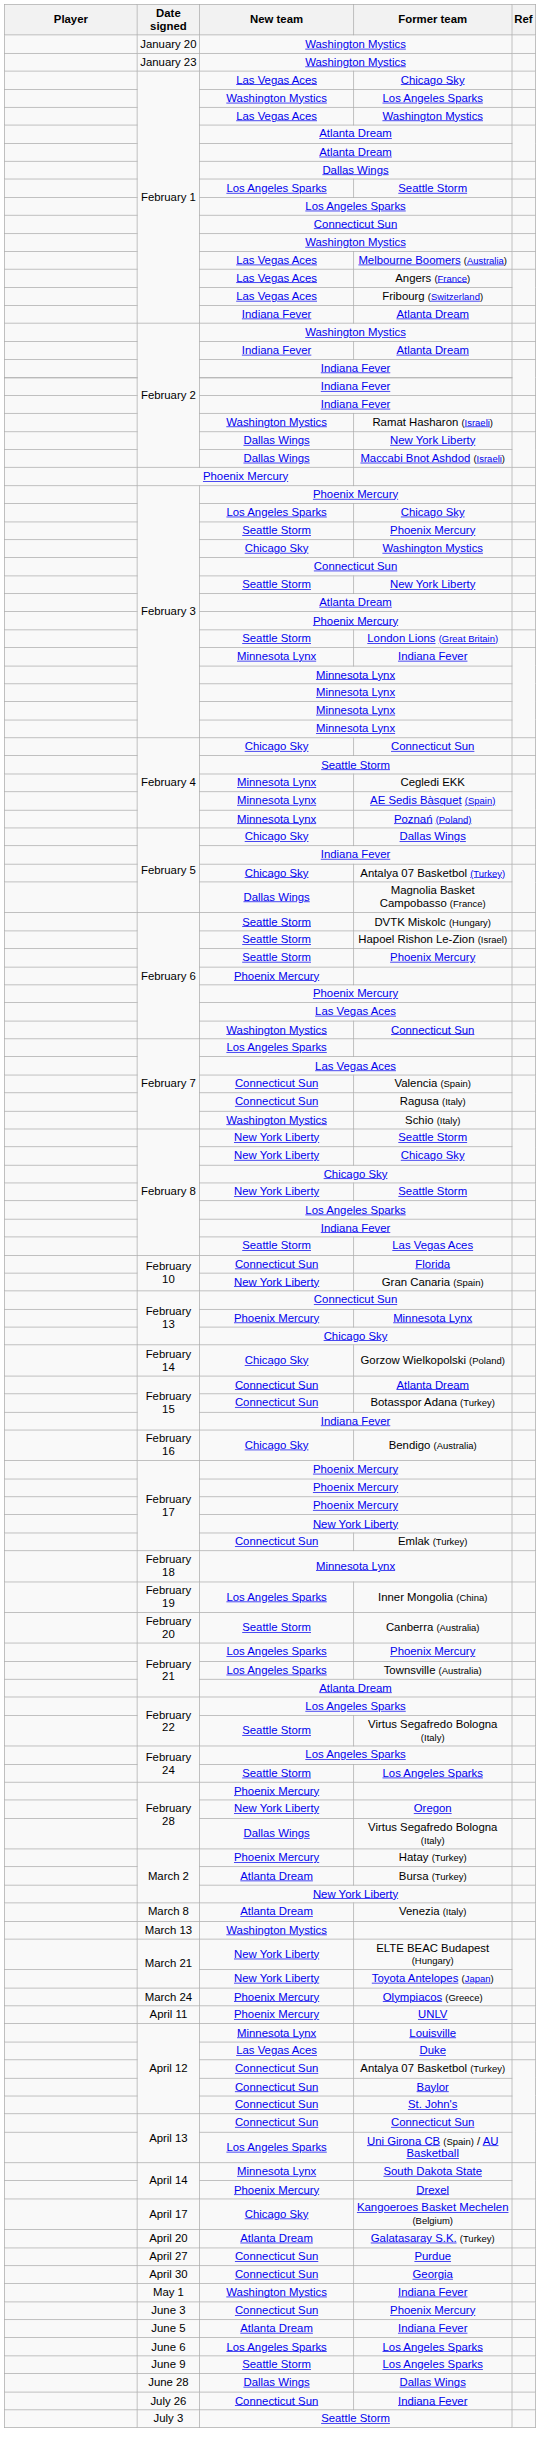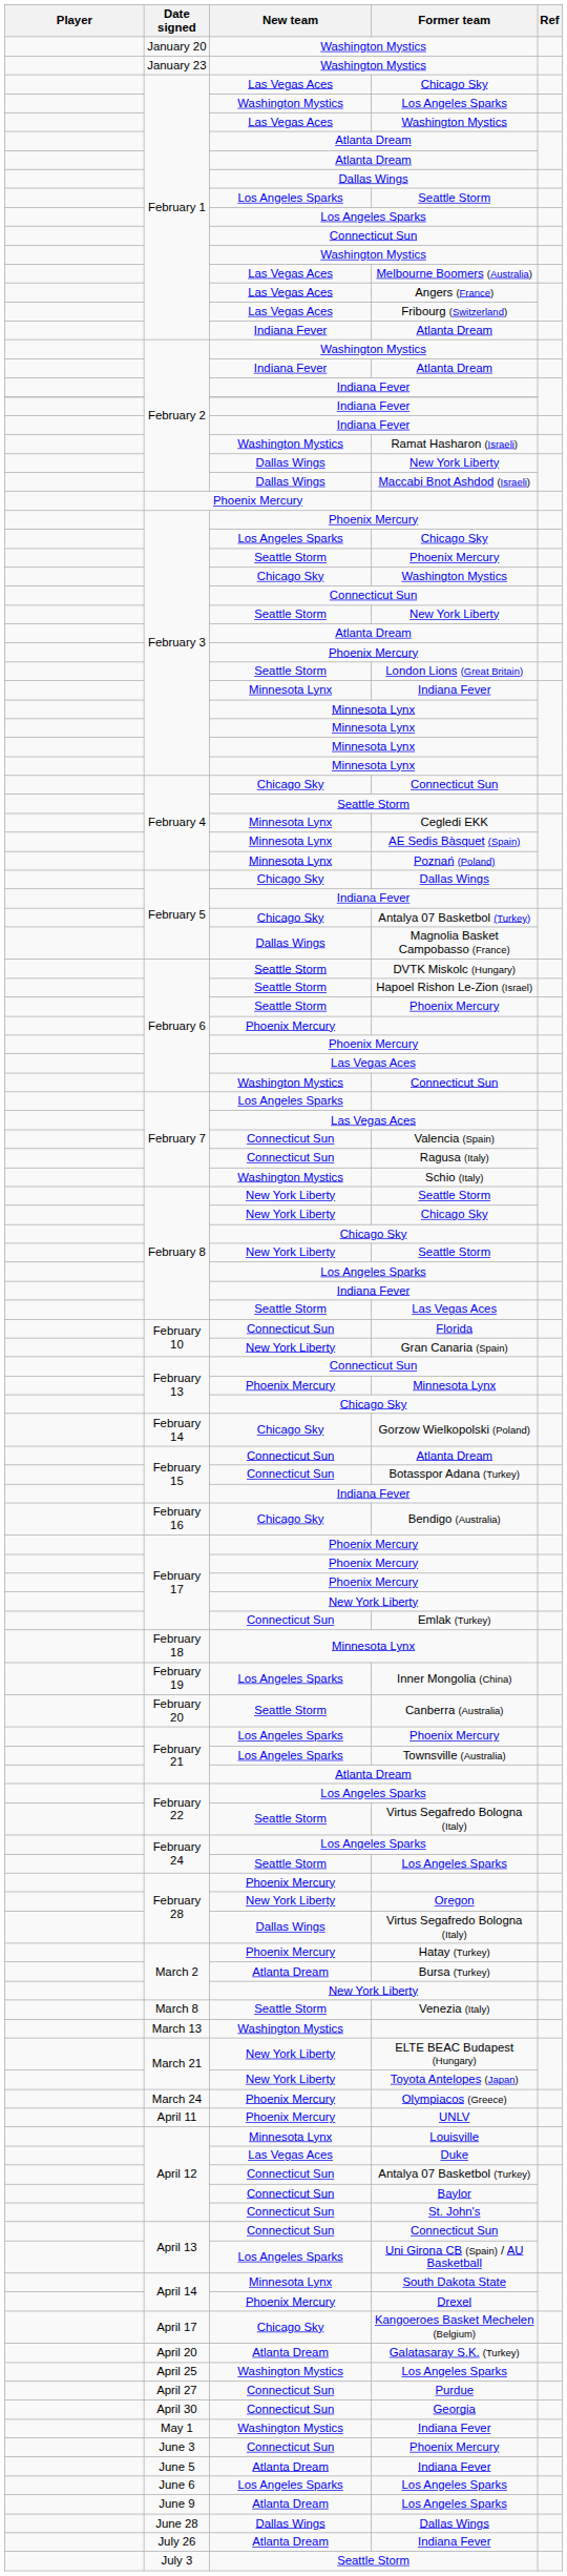 <table class="wikitable sortable" style="text-align:center">
 <tr>
 <th style="width:180px">Player</th>
 <th style="width:80px">Date signed</th>
 <th style="width:210px">New team</th>
 <th style="width:215px">Former team</th>
 <th class="unsortable">Ref</th>
 </tr>
 <tr>
 <td align="left"> </td>
 <td align="center">January 20</td>
 <td colspan="2" align="center"><a href='#'>Washington Mystics</a></td>
 <td align="center"></td>
 </tr>
 <tr>
 <td align="left"> </td>
 <td align="center">January 23</td>
 <td colspan="2" align="center"><a href='#'>Washington Mystics</a></td>
 <td align="center"></td>
 </tr>
 <tr>
 <td align="left"> </td>
 <td rowspan="14" align="center">February 1</td>
 <td align="center"><a href='#'>Las Vegas Aces</a></td>
 <td align="center"><a href='#'>Chicago Sky</a></td>
 <td align="center"></td>
 </tr>
 <tr>
 <td align="left"> </td>
 <td align="center"><a href='#'>Washington Mystics</a></td>
 <td align="center"><a href='#'>Los Angeles Sparks</a></td>
 <td align="center"></td>
 </tr>
 <tr>
 <td align="left"> </td>
 <td align="center"><a href='#'>Las Vegas Aces</a></td>
 <td align="center"><a href='#'>Washington Mystics</a></td>
 <td align="center"></td>
 </tr>
 <tr>
 <td align="left"> </td>
 <td colspan="2" align="center"><a href='#'>Atlanta Dream</a></td>
 <td rowspan=2 align="center"></td>
 </tr>
 <tr>
 <td align="left"> </td>
 <td colspan="2" align="center"><a href='#'>Atlanta Dream</a></td>
 </tr>
 <tr>
 <td align="left"> </td>
 <td colspan="2" align="center"><a href='#'>Dallas Wings</a></td>
 <td align="center"></td>
 </tr>
 <tr>
 <td align="left"> </td>
 <td align="center"><a href='#'>Los Angeles Sparks</a></td>
 <td align="center"><a href='#'>Seattle Storm</a></td>
 <td align="center"></td>
 </tr>
 <tr>
 <td align="left"> </td>
 <td colspan="2" align="center"><a href='#'>Los Angeles Sparks</a></td>
 <td align="center"></td>
 </tr>
 <tr>
 <td align="left"> </td>
 <td colspan="2" align="center"><a href='#'>Connecticut Sun</a></td>
 <td align="center"></td>
 </tr>
 <tr>
 <td align="left"> </td>
 <td colspan="2" align="center"><a href='#'>Washington Mystics</a></td>
 <td align="center"></td>
 </tr>
 <tr>
 <td align="left"> </td>
 <td align="center"><a href='#'>Las Vegas Aces</a></td>
 <td align="center"><a href='#'>Melbourne Boomers</a> <small>(<a href='#'>Australia</a>)</small></td>
 <td align="center"></td>
 </tr>
 <tr>
 <td align="left"> </td>
 <td align="center"><a href='#'>Las Vegas Aces</a></td>
 <td align="center">Angers <small>(<a href='#'>France</a>)</small></td>
 <td rowspan="2"align="center"></td>
 </tr>
 <tr>
 <td align="left"> </td>
 <td align="center"><a href='#'>Las Vegas Aces</a></td>
 <td align="center">Fribourg <small>(<a href='#'>Switzerland</a>)</small></td>
 </tr>
 <tr>
 <td align="left"> </td>
 <td align="center"><a href='#'>Indiana Fever</a></td>
 <td align="center"><a href='#'>Atlanta Dream</a></td>
 <td align="center"></td>
 </tr>
 <tr>
 <td align="left"> </td>
 <td rowspan="9" align="center">February 2</td>
 <td colspan="2" align="center"><a href='#'>Washington Mystics</a></td>
 <td align="center"></td>
 </tr>
 <tr>
 <td align="left"> </td>
 <td align="center"><a href='#'>Indiana Fever</a></td>
 <td align="center"><a href='#'>Atlanta Dream</a></td>
 <td align="center"></td>
 </tr>
 <tr>
 <td align="left"> </td>
 <td colspan="2" align="center"><a href='#'>Indiana Fever</a></td>
 <td rowspan=3 align="center"></td>
 </tr>
 <tr>
 </tr>
 <tr>
 <td align="left"> </td>
 <td colspan="2" align="center"><a href='#'>Indiana Fever</a></td>
 </tr>
 <tr>
 <td align="left"> </td>
 <td colspan="2" align="center"><a href='#'>Indiana Fever</a></td>
 </tr>
 <tr>
 <td align="left"> </td>
 <td align="center"><a href='#'>Washington Mystics</a></td>
 <td align="center">Ramat Hasharon <small>(<a href='#'>Israeli</a>)</small></td>
 <td align="center"></td>
 </tr>
 <tr>
 <td align="left"> </td>
 <td align="center"><a href='#'>Dallas Wings</a></td>
 <td align="center"><a href='#'>New York Liberty</a></td>
 <td rowspan=2 align="center"></td>
 </tr>
 <tr>
 <td align="left"> </td>
 <td align="center"><a href='#'>Dallas Wings</a></td>
 <td align="center"><a href='#'>Maccabi Bnot Ashdod</a> <small>(<a href='#'>Israeli</a>)</small></td>
 </tr>
 <tr>
 <td align="left"> </td>
 <td colspan="2" align="center"><a href='#'>Phoenix Mercury</a></td>
 <td align="center"></td>
 </tr>
 <tr>
 <td align="left"> </td>
 <td rowspan="14" align="center">February 3</td>
 <td colspan="2" align="center"><a href='#'>Phoenix Mercury</a></td>
 <td align="center"></td>
 </tr>
 <tr>
 <td align="left"> </td>
 <td align="center"><a href='#'>Los Angeles Sparks</a></td>
 <td align="center"><a href='#'>Chicago Sky</a></td>
 <td align="center"></td>
 </tr>
 <tr>
 <td align="left"> </td>
 <td align="center"><a href='#'>Seattle Storm</a></td>
 <td align="center"><a href='#'>Phoenix Mercury</a></td>
 <td align="center"></td>
 </tr>
 <tr>
 <td align="left"> </td>
 <td align="center"><a href='#'>Chicago Sky</a></td>
 <td align="center"><a href='#'>Washington Mystics</a></td>
 <td align="center"></td>
 </tr>
 <tr>
 <td align="left"> </td>
 <td colspan="2" align="center"><a href='#'>Connecticut Sun</a></td>
 <td align="center"></td>
 </tr>
 <tr>
 <td align="left"> </td>
 <td align="center"><a href='#'>Seattle Storm</a></td>
 <td align="center"><a href='#'>New York Liberty</a></td>
 <td align="center"></td>
 </tr>
 <tr>
 <td align="left"> </td>
 <td colspan="2" align="center"><a href='#'>Atlanta Dream</a></td>
 <td align="center"></td>
 </tr>
 <tr>
 <td align="left"> </td>
 <td colspan="2" align="center"><a href='#'>Phoenix Mercury</a></td>
 <td align="center"></td>
 </tr>
 <tr>
 <td align="left"> </td>
 <td align="center"><a href='#'>Seattle Storm</a></td>
 <td align="center"><a href='#'>London Lions</a> <small><a href='#'>(Great Britain)</a></small></td>
 <td align="center"></td>
 </tr>
 <tr>
 <td align="left"> </td>
 <td align="center"><a href='#'>Minnesota Lynx</a></td>
 <td align="center"><a href='#'>Indiana Fever</a></td>
 <td rowspan=5 align="center"></td>
 </tr>
 <tr>
 <td align="left"> </td>
 <td colspan="2" align="center"><a href='#'>Minnesota Lynx</a></td>
 </tr>
 <tr>
 <td align="left"> </td>
 <td colspan="2" align="center"><a href='#'>Minnesota Lynx</a></td>
 </tr>
 <tr>
 <td align="left"> </td>
 <td colspan="2" align="center"><a href='#'>Minnesota Lynx</a></td>
 </tr>
 <tr>
 <td align="left"> </td>
 <td colspan="2" align="center"><a href='#'>Minnesota Lynx</a></td>
 </tr>
 <tr>
 <td align="left"> </td>
 <td rowspan="5" align="center">February 4</td>
 <td align="center"><a href='#'>Chicago Sky</a></td>
 <td align="center"><a href='#'>Connecticut Sun</a></td>
 <td align="center"></td>
 </tr>
 <tr>
 <td align="left"> </td>
 <td colspan="2" align="center"><a href='#'>Seattle Storm</a></td>
 <td align="center"></td>
 </tr>
 <tr>
 <td align="left"> </td>
 <td align="center"><a href='#'>Minnesota Lynx</a></td>
 <td align="center">Cegledi EKK</td>
 <td rowspan=3 align="center"></td>
 </tr>
 <tr>
 <td align="left"> </td>
 <td align="center"><a href='#'>Minnesota Lynx</a></td>
 <td align="center"><a href='#'>AE Sedis Bàsquet</a> <small><a href='#'>(Spain)</a></small></td>
 </tr>
 <tr>
 <td align="left"> </td>
 <td align="center"><a href='#'>Minnesota Lynx</a></td>
 <td align="center"><a href='#'>Poznań</a> <small><a href='#'>(Poland)</a></small></td>
 </tr>
 <tr>
 <td align="left"> </td>
 <td rowspan=4 align="center">February 5</td>
 <td align="center"><a href='#'>Chicago Sky</a></td>
 <td align="center"><a href='#'>Dallas Wings</a></td>
 <td align="center"></td>
 </tr>
 <tr>
 <td align="left"> </td>
 <td colspan="2" align="center"><a href='#'>Indiana Fever</a></td>
 <td align="center"></td>
 </tr>
 <tr>
 <td align="left"> </td>
 <td align="center"><a href='#'>Chicago Sky</a></td>
 <td align="center">Antalya 07 Basketbol <small><a href='#'>(Turkey)</a></small></td>
 <td rowspan=2 align="center"></td>
 </tr>
 <tr>
 <td align="left"> </td>
 <td align="center"><a href='#'>Dallas Wings</a></td>
 <td align="center">Magnolia Basket Campobasso <small>(France)</small></td>
 </tr>
 <tr>
 <td align="left"> </td>
 <td rowspan=7 align="center">February 6</td>
 <td align="center"><a href='#'>Seattle Storm</a></td>
 <td align="center">DVTK Miskolc <small>(Hungary)</small></td>
 <td align="center"></td>
 </tr>
 <tr>
 <td align="left"> </td>
 <td align="center"><a href='#'>Seattle Storm</a></td>
 <td align="center">Hapoel Rishon Le-Zion <small>(Israel)</small></td>
 <td align="center"></td>
 </tr>
 <tr>
 <td align="left"> </td>
 <td align="center"><a href='#'>Seattle Storm</a></td>
 <td align="center"><a href='#'>Phoenix Mercury</a></td>
 <td align="center"></td>
 </tr>
 <tr>
 <td align="left"> </td>
 <td align="center"><a href='#'>Phoenix Mercury</a></td>
 <td align="center"></td>
 <td align="center"></td>
 </tr>
 <tr>
 <td align="left"> </td>
 <td colspan="2" align="center"><a href='#'>Phoenix Mercury</a></td>
 <td align="center"></td>
 </tr>
 <tr>
 <td align="left"> </td>
 <td colspan="2" align="center"><a href='#'>Las Vegas Aces</a></td>
 <td align="center"></td>
 </tr>
 <tr>
 <td align="left"> </td>
 <td align="center"><a href='#'>Washington Mystics</a></td>
 <td align="center"><a href='#'>Connecticut Sun</a></td>
 <td align="center"></td>
 </tr>
 <tr>
 <td align="left"> </td>
 <td rowspan=5 align="center">February 7</td>
 <td align="center"><a href='#'>Los Angeles Sparks</a></td>
 <td align="center"></td>
 <td align="center"></td>
 </tr>
 <tr>
 <td align="left"> </td>
 <td colspan="2" align="center"><a href='#'>Las Vegas Aces</a></td>
 <td align="center"></td>
 </tr>
 <tr>
 <td align="left"> </td>
 <td align="center"><a href='#'>Connecticut Sun</a></td>
 <td align="center">Valencia <small>(Spain)</small></td>
 <td rowspan=2 align="center"></td>
 </tr>
 <tr>
 <td align="left"> </td>
 <td align="center"><a href='#'>Connecticut Sun</a></td>
 <td align="center">Ragusa <small>(Italy)</small></td>
 </tr>
 <tr>
 <td align="left"> </td>
 <td align="center"><a href='#'>Washington Mystics</a></td>
 <td align="center">Schio <small>(Italy)</small></td>
 <td align="center"></td>
 </tr>
 <tr>
 <td align="left"> </td>
 <td rowspan=7 align="center">February 8</td>
 <td align="center"><a href='#'>New York Liberty</a></td>
 <td align="center"><a href='#'>Seattle Storm</a></td>
 <td rowspan=2 align="center"></td>
 </tr>
 <tr>
 <td align="left"> </td>
 <td align="center"><a href='#'>New York Liberty</a></td>
 <td align="center"><a href='#'>Chicago Sky</a></td>
 </tr>
 <tr>
 <td align="left"> </td>
 <td colspan="2" align="center"><a href='#'>Chicago Sky</a></td>
 <td align="center"></td>
 </tr>
 <tr>
 <td align="left"> </td>
 <td align="center"><a href='#'>New York Liberty</a></td>
 <td align="center"><a href='#'>Seattle Storm</a></td>
 <td align="center"></td>
 </tr>
 <tr>
 <td align="left"> </td>
 <td colspan="2" align="center"><a href='#'>Los Angeles Sparks</a></td>
 <td align="center"></td>
 </tr>
 <tr>
 <td align="left"> </td>
 <td colspan="2" align="center"><a href='#'>Indiana Fever</a></td>
 <td align="center"></td>
 </tr>
 <tr>
 <td align="left"> </td>
 <td align="center"><a href='#'>Seattle Storm</a></td>
 <td align="center"><a href='#'>Las Vegas Aces</a></td>
 <td align="center"></td>
 </tr>
 <tr>
 <td align="left"> </td>
 <td rowspan="2" align="center">February 10</td>
 <td align="center"><a href='#'>Connecticut Sun</a></td>
 <td align="center"><a href='#'>Florida</a></td>
 <td align="center"></td>
 </tr>
 <tr>
 <td align="left"> </td>
 <td align="center"><a href='#'>New York Liberty</a></td>
 <td align="center">Gran Canaria <small>(Spain)</small></td>
 <td align="center"></td>
 </tr>
 <tr>
 <td align="left"> </td>
 <td rowspan="3" align="center">February 13</td>
 <td colspan="2" align="center"><a href='#'>Connecticut Sun</a></td>
 <td align="center"></td>
 </tr>
 <tr>
 <td align="left"> </td>
 <td align="center"><a href='#'>Phoenix Mercury</a></td>
 <td align="center"><a href='#'>Minnesota Lynx</a></td>
 <td align="center"></td>
 </tr>
 <tr>
 <td align="left"> </td>
 <td colspan="2" align="center"><a href='#'>Chicago Sky</a></td>
 <td align="center"></td>
 </tr>
 <tr>
 <td align="left"> </td>
 <td align="center">February 14</td>
 <td align="center"><a href='#'>Chicago Sky</a></td>
 <td align="center">Gorzow Wielkopolski <small>(Poland)</small></td>
 <td align="center"></td>
 </tr>
 <tr>
 <td align="left"> </td>
 <td rowspan="3" align="center">February 15</td>
 <td align="center"><a href='#'>Connecticut Sun</a></td>
 <td align="center"><a href='#'>Atlanta Dream</a></td>
 <td align="center"></td>
 </tr>
 <tr>
 <td align="left"> </td>
 <td align="center"><a href='#'>Connecticut Sun</a></td>
 <td align="center">Botasspor Adana <small>(Turkey)</small></td>
 <td align="center"></td>
 </tr>
 <tr>
 <td align="left"> </td>
 <td colspan="2" align="center"><a href='#'>Indiana Fever</a></td>
 <td align="center"></td>
 </tr>
 <tr>
 <td align="left"> </td>
 <td align="center">February 16</td>
 <td align="center"><a href='#'>Chicago Sky</a></td>
 <td align="center">Bendigo <small>(Australia)</small></td>
 <td align="center"></td>
 </tr>
 <tr>
 <td align="left"> </td>
 <td rowspan="5" align="center">February 17</td>
 <td colspan="2" align="center"><a href='#'>Phoenix Mercury</a></td>
 <td align="center"></td>
 </tr>
 <tr>
 <td align="left"> </td>
 <td colspan="2" align="center"><a href='#'>Phoenix Mercury</a></td>
 <td align="center"></td>
 </tr>
 <tr>
 <td align="left"> </td>
 <td colspan="2" align="center"><a href='#'>Phoenix Mercury</a></td>
 <td align="center"></td>
 </tr>
 <tr>
 <td align="left"> </td>
 <td colspan="2" align="center"><a href='#'>New York Liberty</a></td>
 <td align="center"></td>
 </tr>
 <tr>
 <td align="left"> </td>
 <td align="center"><a href='#'>Connecticut Sun</a></td>
 <td align="center">Emlak <small>(Turkey)</small></td>
 <td align="center"></td>
 </tr>
 <tr>
 <td align="left"> </td>
 <td align="center">February 18</td>
 <td colspan="2" align="center"><a href='#'>Minnesota Lynx</a></td>
 <td align="center"></td>
 </tr>
 <tr>
 <td align="left"> </td>
 <td align="center">February 19</td>
 <td align="center"><a href='#'>Los Angeles Sparks</a></td>
 <td align="center">Inner Mongolia <small>(China)</small></td>
 <td align="center"></td>
 </tr>
 <tr>
 <td align="left"> </td>
 <td align="center">February 20</td>
 <td align="center"><a href='#'>Seattle Storm</a></td>
 <td align="center">Canberra <small>(Australia)</small></td>
 <td align="center"></td>
 </tr>
 <tr>
 <td align="left"> </td>
 <td rowspan="3" align="center">February 21</td>
 <td align="center"><a href='#'>Los Angeles Sparks</a></td>
 <td align="center"><a href='#'>Phoenix Mercury</a></td>
 <td align="center"></td>
 </tr>
 <tr>
 <td align="left"> </td>
 <td align="center"><a href='#'>Los Angeles Sparks</a></td>
 <td align="center">Townsville <small>(Australia)</small></td>
 <td align="center"></td>
 </tr>
 <tr>
 <td align="left"> </td>
 <td colspan="2" align="center"><a href='#'>Atlanta Dream</a></td>
 <td align="center"></td>
 </tr>
 <tr>
 <td align="left"> </td>
 <td rowspan="2" align="center">February 22</td>
 <td colspan="2" align="center"><a href='#'>Los Angeles Sparks</a></td>
 <td align="center"></td>
 </tr>
 <tr>
 <td align="left"> </td>
 <td align="center"><a href='#'>Seattle Storm</a></td>
 <td align="center">Virtus Segafredo Bologna  <small>(Italy)</small></td>
 <td align="center"></td>
 </tr>
 <tr>
 <td align="left"> </td>
 <td rowspan="2" align="center">February 24</td>
 <td colspan="2" align="center"><a href='#'>Los Angeles Sparks</a></td>
 <td align="center"></td>
 </tr>
 <tr>
 <td align="left"> </td>
 <td align="center"><a href='#'>Seattle Storm</a></td>
 <td align="center"><a href='#'>Los Angeles Sparks</a></td>
 <td align="center"></td>
 </tr>
 <tr>
 <td align="left"> </td>
 <td rowspan="3" align="center">February 28</td>
 <td align="center"><a href='#'>Phoenix Mercury</a></td>
 <td align="center"></td>
 <td align="center"></td>
 </tr>
 <tr>
 <td align="left"> </td>
 <td align="center"><a href='#'>New York Liberty</a></td>
 <td align="center"><a href='#'>Oregon</a></td>
 <td align="center"></td>
 </tr>
 <tr>
 <td align="left"> </td>
 <td align="center"><a href='#'>Dallas Wings</a></td>
 <td align="center">Virtus Segafredo Bologna  <small>(Italy)</small></td>
 <td align="center"></td>
 </tr>
 <tr>
 <td align="left"> </td>
 <td rowspan="3" align="center">March 2</td>
 <td align="center"><a href='#'>Phoenix Mercury</a></td>
 <td align="center">Hatay  <small>(Turkey)</small></td>
 <td align="center"></td>
 </tr>
 <tr>
 <td align="left"> </td>
 <td align="center"><a href='#'>Atlanta Dream</a></td>
 <td align="center">Bursa  <small>(Turkey)</small></td>
 <td align="center"></td>
 </tr>
 <tr>
 <td align="left"> </td>
 <td colspan="2" align="center"><a href='#'>New York Liberty</a></td>
 <td align="center"></td>
 </tr>
 <tr>
 <td align="left"> </td>
 <td align="center">March 8</td>
-<td align="center"><a href='#'>Atlanta Dream</a></td>
+<td align="center"><a href='#'>Seattle Storm</a></td>
 <td align="center">Venezia <small>(Italy)</small></td>
 <td align="center"></td>
 </tr>
 <tr>
 <td align="left"> </td>
 <td align="center">March 13</td>
 <td align="center"><a href='#'>Washington Mystics</a></td>
 <td align="center"></td>
 <td align="center"></td>
 </tr>
 <tr>
 <td align="left"> </td>
 <td rowspan="2" align="center">March 21</td>
 <td align="center"><a href='#'>New York Liberty</a></td>
 <td align="center">ELTE BEAC Budapest <small>(Hungary)</small></td>
 <td rowspan="2" align="center"></td>
 </tr>
 <tr>
 <td align="left"> </td>
 <td align="center"><a href='#'>New York Liberty</a></td>
 <td align="center"><a href='#'>Toyota Antelopes</a> <small>(<a href='#'>Japan</a>)</small></td>
 </tr>
 <tr>
 <td align="left"> </td>
 <td align="center">March 24</td>
 <td align="center"><a href='#'>Phoenix Mercury</a></td>
 <td align="center"><a href='#'>Olympiacos</a> <small>(Greece)</small></td>
 <td align="center"></td>
 </tr>
 <tr>
 <td align="left"> </td>
 <td align="center">April 11</td>
 <td align="center"><a href='#'>Phoenix Mercury</a></td>
 <td align="center"><a href='#'>UNLV</a></td>
 <td align="center"></td>
 </tr>
 <tr>
 <td align="left"> </td>
 <td rowspan="5" align="center">April 12</td>
 <td align="center"><a href='#'>Minnesota Lynx</a></td>
 <td align="center"><a href='#'>Louisville</a></td>
 <td align="center"></td>
 </tr>
 <tr>
 <td align="left"> </td>
 <td align="center"><a href='#'>Las Vegas Aces</a></td>
 <td align="center"><a href='#'>Duke</a></td>
 <td align="center"></td>
 </tr>
 <tr>
 <td align="left"> </td>
 <td align="center"><a href='#'>Connecticut Sun</a></td>
 <td align="center">Antalya 07 Basketbol <small>(Turkey)</small></td>
 <td rowspan="3" align="center"></td>
 </tr>
 <tr>
 <td align="left"> </td>
 <td align="center"><a href='#'>Connecticut Sun</a></td>
 <td align="center"><a href='#'>Baylor</a></td>
 </tr>
 <tr>
 <td align="left"> </td>
 <td align="center"><a href='#'>Connecticut Sun</a></td>
 <td align="center"><a href='#'>St. John's</a></td>
 </tr>
 <tr>
 <td align="left"> </td>
 <td rowspan="2" align="center">April 13</td>
 <td align="center"><a href='#'>Connecticut Sun</a></td>
 <td align="center"><a href='#'>Connecticut Sun</a></td>
 <td rowspan="2" align="center"></td>
 </tr>
 <tr>
 <td align="left"> </td>
 <td align="center"><a href='#'>Los Angeles Sparks</a></td>
 <td align="center"><a href='#'>Uni Girona CB</a> <small>(Spain)</small> / <a href='#'>AU Basketball</a></td>
 </tr>
 <tr>
 <td align="left"> </td>
 <td rowspan="2" align="center">April 14</td>
 <td align="center"><a href='#'>Minnesota Lynx</a></td>
 <td align="center"><a href='#'>South Dakota State</a></td>
 <td rowspan="2" align="center"></td>
 </tr>
 <tr>
 <td align="left"> </td>
 <td align="center"><a href='#'>Phoenix Mercury</a></td>
 <td align="center"><a href='#'>Drexel</a></td>
 </tr>
 <tr>
 <td align="left"> </td>
 <td align="center">April 17</td>
 <td align="center"><a href='#'>Chicago Sky</a></td>
 <td align="center"><a href='#'>Kangoeroes Basket Mechelen</a> <small>(Belgium)</small></td>
 <td align="center"></td>
 </tr>
 <tr>
 <td align="left"> </td>
 <td align="center">April 20</td>
 <td align="center"><a href='#'>Atlanta Dream</a></td>
 <td align="center"><a href='#'>Galatasaray S.K.</a> <small>(Turkey)</small></td>
 <td align="center"></td>
 </tr>
 <tr>
 <td align="left"> </td>
+<td align="center">April 25</td>
+<td align="center"><a href='#'>Washington Mystics</a></td>
+<td align="center"><a href='#'>Los Angeles Sparks</a></td>
+<td align="center"></td>
+</tr>
+<tr>
+<td align="left"> </td>
 <td align="center">April 27</td>
 <td align="center"><a href='#'>Connecticut Sun</a></td>
 <td align="center"><a href='#'>Purdue</a></td>
 <td align="center"></td>
 </tr>
 <tr>
 <td align="left"> </td>
 <td align="center">April 30</td>
 <td align="center"><a href='#'>Connecticut Sun</a></td>
 <td align="center"><a href='#'>Georgia</a></td>
 <td align="center"></td>
 </tr>
 <tr>
 <td align="left"> </td>
 <td align="center">May 1</td>
 <td align="center"><a href='#'>Washington Mystics</a></td>
 <td align="center"><a href='#'>Indiana Fever</a></td>
 <td align="center"></td>
 </tr>
 <tr>
 <td align="left"> </td>
 <td align="center">June 3</td>
 <td align="center"><a href='#'>Connecticut Sun</a></td>
 <td align="center"><a href='#'>Phoenix Mercury</a></td>
 <td align="center"></td>
 </tr>
 <tr>
 <td align="left"> </td>
 <td align="center">June 5</td>
 <td align="center"><a href='#'>Atlanta Dream</a></td>
 <td align="center"><a href='#'>Indiana Fever</a></td>
 <td align="center"></td>
 </tr>
 <tr>
 <td align="left"> </td>
 <td align="center">June 6</td>
 <td align="center"><a href='#'>Los Angeles Sparks</a></td>
 <td align="center"><a href='#'>Los Angeles Sparks</a></td>
 <td align="center"></td>
 </tr>
 <tr>
 <td align="left"> </td>
 <td align="center">June 9</td>
-<td align="center"><a href='#'>Seattle Storm</a></td>
+<td align="center"><a href='#'>Atlanta Dream</a></td>
 <td align="center"><a href='#'>Los Angeles Sparks</a></td>
 <td align="center"></td>
 </tr>
 <tr>
 <td align="left"> </td>
 <td align="center">June 28</td>
 <td align="center"><a href='#'>Dallas Wings</a></td>
 <td align="center"><a href='#'>Dallas Wings</a></td>
 <td align="center"></td>
 </tr>
 <tr>
 <td align="left"> </td>
 <td align="center">July 26</td>
-<td align="center"><a href='#'>Connecticut Sun</a></td>
+<td align="center"><a href='#'>Atlanta Dream</a></td>
 <td align="center"><a href='#'>Indiana Fever</a></td>
 <td align="center"></td>
 </tr>
 <tr>
 <td align="left"> </td>
 <td align="center">July 3</td>
 <td colspan="2" align="center"><a href='#'>Seattle Storm</a></td>
 <td align="center"></td>
 </tr>
 </table>
